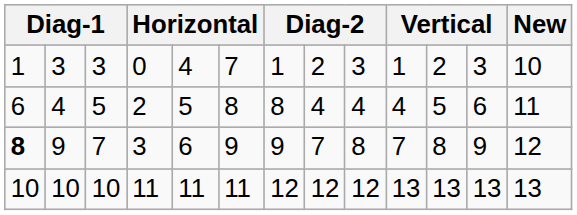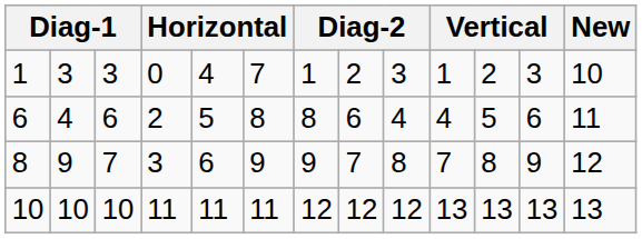 <table class="wikitable">
 <tr>
 <th colspan=3>Diag-1</th>
 <th colspan=3>Horizontal</th>
 <th colspan=3>Diag-2</th>
 <th colspan=3>Vertical</th>
 <th>New</th>
 </tr>
 <tr>
 <td>1</td>
 <td>3</td>
 <td>3</td>
 <td>0</td>
 <td>4</td>
 <td>7</td>
 <td>1</td>
 <td>2</td>
 <td>3</td>
 <td>1</td>
 <td>2</td>
 <td>3</td>
 <td>10</td>
 </tr>
 <tr>
 <td>6</td>
 <td>4</td>
-<td>5</td>
+<td>6</td>
 <td>2</td>
 <td>5</td>
 <td>8</td>
 <td>8</td>
-<td>4</td>
+<td>6</td>
 <td>4</td>
 <td>4</td>
 <td>5</td>
 <td>6</td>
 <td>11</td>
 </tr>
 <tr>
-<td><strong>8</strong></td>
+<td>8</td>
 <td>9</td>
 <td>7</td>
 <td>3</td>
 <td>6</td>
 <td>9</td>
 <td>9</td>
 <td>7</td>
 <td>8</td>
 <td>7</td>
 <td>8</td>
 <td>9</td>
 <td>12</td>
 </tr>
 <tr>
 <td>10</td>
 <td>10</td>
 <td>10</td>
 <td>11</td>
 <td>11</td>
 <td>11</td>
 <td>12</td>
 <td>12</td>
 <td>12</td>
 <td>13</td>
 <td>13</td>
 <td>13</td>
 <td>13</td>
 </tr>
 </table>
